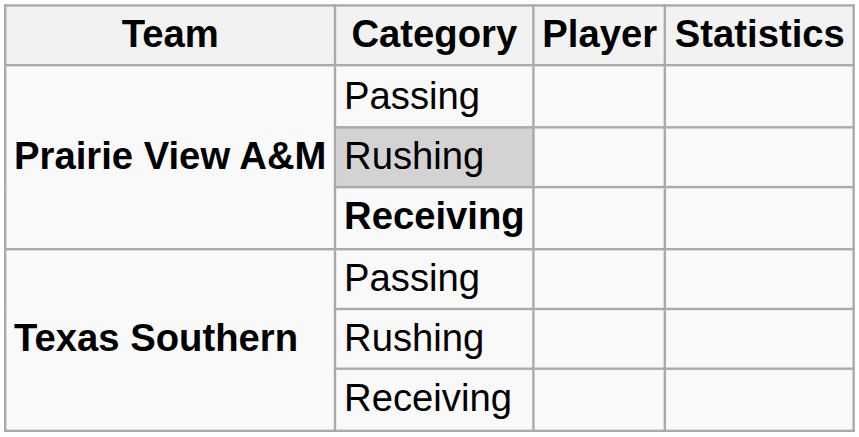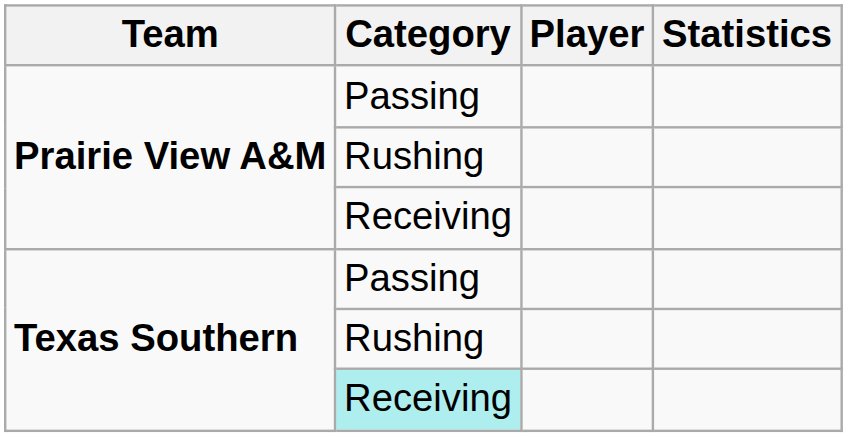 <table class="wikitable" style="float: left;">
 <tr>
 <th>Team</th>
 <th>Category</th>
 <th>Player</th>
 <th>Statistics</th>
 </tr>
 <tr>
 <td rowspan=3><strong>Prairie View A&M</strong></td>
 <td>Passing</td>
 <td> </td>
 <td> </td>
 </tr>
 <tr>
-<td style="background: lightgrey;">Rushing</td>
+<td>Rushing</td>
 <td> </td>
 <td> </td>
 </tr>
 <tr>
-<td><strong>Receiving</strong></td>
+<td>Receiving</td>
 <td> </td>
 <td> </td>
 </tr>
 <tr>
 <td rowspan=3><strong>Texas Southern</strong></td>
 <td>Passing</td>
 <td> </td>
 <td> </td>
 </tr>
 <tr>
 <td>Rushing</td>
 <td> </td>
 <td> </td>
 </tr>
 <tr>
-<td>Receiving</td>
+<td style="background: paleturquoise;">Receiving</td>
 <td> </td>
 <td> </td>
 </tr>
 </table>
